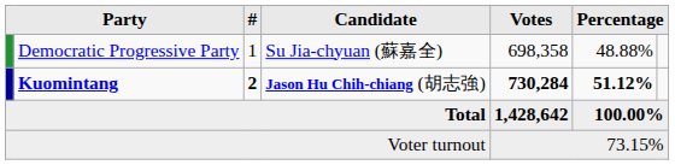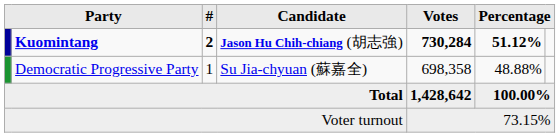 <table class="wikitable">
 <tr>
 <th style="background-color:#E9E9E9" colspan=2 style="width: 20em">Party</th>
 <th style="background-color:#E9E9E9" style="width: 2em">#</th>
 <th style="background-color:#E9E9E9" style="width: 14em">Candidate</th>
 <th style="background-color:#E9E9E9" style="width: 6em">Votes</th>
 <th style="background-color:#E9E9E9" colspan=2 style="width: 11em">Percentage</th>
 </tr>
 <tr>
+<td bgcolor="#000099"></td>
+<td align=left><strong><a href='#'>Kuomintang</a></strong></td>
+<td align=center><strong>2</strong></td>
+<td align=left><strong><small><a href='#'>Jason Hu Chih-chiang</a></small></strong> (胡志強)</td>
+<td align=right><strong>730,284</strong></td>
+<td align=right><strong>51.12%</strong></td>
+<td align=right> </td>
+</tr>
+<tr>
 <td bgcolor="#1B9431"></td>
 <td align=left><a href='#'>Democratic Progressive Party</a></td>
 <td align=center>1</td>
 <td align=left><a href='#'>Su Jia-chyuan</a> (蘇嘉全)</td>
 <td align=right>698,358</td>
 <td align=right>48.88%</td>
 <td align=right></td>
-</tr>
-<tr>
-<td bgcolor="#000099"></td>
-<td align=left><strong><a href='#'>Kuomintang</a></strong></td>
-<td align=center><strong>2</strong></td>
-<td align=left><strong><small><a href='#'>Jason Hu Chih-chiang</a></small></strong> (胡志強)</td>
-<td align=right><strong>730,284</strong></td>
-<td align=right><strong>51.12%</strong></td>
-<td align=right> </td>
 </tr>
 <tr bgcolor="#EEEEEE">
 <td colspan="4" align=right><strong>Total</strong></td>
 <td align=right><strong>1,428,642</strong></td>
 <td align=right colspan=2><strong>100.00%</strong></td>
 </tr>
 <tr bgcolor="#EEEEEE">
 <td colspan="4" align="right">Voter turnout</td>
 <td colspan="3" align="right">73.15%</td>
 </tr>
 </table>
